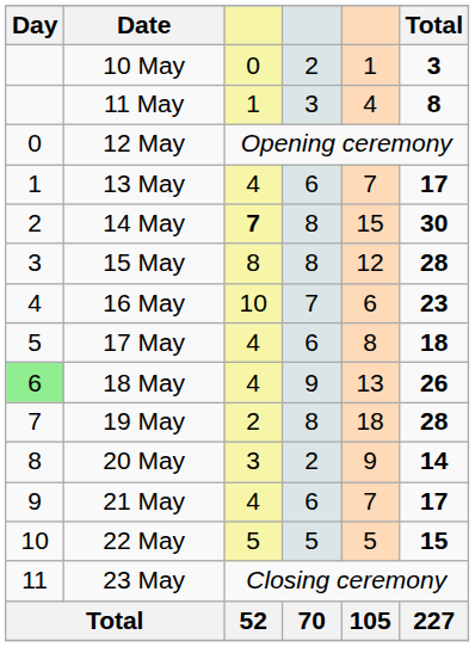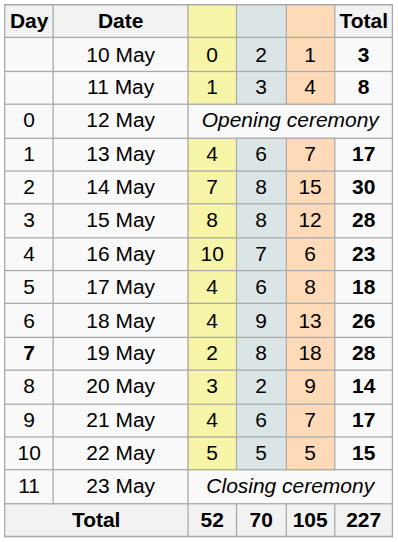 <table class="wikitable" style="font-size:100%; text-align:center">
 <tr style="background:#efefef;">
 </tr>
 <tr>
 <th width=30><strong>Day</strong></th>
 <th width=95><strong>Date</strong></th>
 <th width=30 style="background:#F7F6A8;"></th>
 <th width=30 style="background:#DCE5E5;"></th>
 <th width=30 style="background:#FFDAB9;"></th>
 <th width=30><strong>Total</strong></th>
 </tr>
 <tr>
 <td></td>
 <td>10 May</td>
 <td style="background:#F7F6A8;">0</td>
 <td style="background:#DCE5E5;">2</td>
 <td style="background:#FFDAB9;">1</td>
 <td><strong>3</strong></td>
 </tr>
 <tr>
 <td></td>
 <td>11 May</td>
 <td style="background:#F7F6A8;">1</td>
 <td style="background:#DCE5E5;">3</td>
 <td style="background:#FFDAB9;">4</td>
 <td><strong>8</strong></td>
 </tr>
 <tr>
 <td>0</td>
 <td>12 May</td>
 <td colspan="4" style="text-align:left center ;"> <em>Opening ceremony</em></td>
 </tr>
 <tr>
 <td>1</td>
 <td>13 May</td>
 <td style="background:#F7F6A8;">4</td>
 <td style="background:#DCE5E5;">6</td>
 <td style="background:#FFDAB9;">7</td>
 <td><strong>17</strong></td>
 </tr>
 <tr>
 <td>2</td>
 <td>14 May</td>
-<td style="background:#F7F6A8;"><strong>7</strong></td>
+<td style="background:#F7F6A8;">7</td>
 <td style="background:#DCE5E5;">8</td>
 <td style="background:#FFDAB9;">15</td>
 <td><strong>30</strong></td>
 </tr>
 <tr>
 <td>3</td>
 <td>15 May</td>
 <td style="background:#F7F6A8;">8</td>
 <td style="background:#DCE5E5;">8</td>
 <td style="background:#FFDAB9;">12</td>
 <td><strong>28</strong></td>
 </tr>
 <tr>
 <td>4</td>
 <td>16 May</td>
 <td style="background:#F7F6A8;">10</td>
 <td style="background:#DCE5E5;">7</td>
 <td style="background:#FFDAB9;">6</td>
 <td><strong>23</strong></td>
 </tr>
 <tr>
 <td>5</td>
 <td>17 May</td>
 <td style="background:#F7F6A8;">4</td>
 <td style="background:#DCE5E5;">6</td>
 <td style="background:#FFDAB9;">8</td>
 <td><strong>18</strong></td>
 </tr>
 <tr>
-<td style="background: lightgreen;">6</td>
+<td>6</td>
 <td>18 May</td>
 <td style="background:#F7F6A8;">4</td>
 <td style="background:#DCE5E5;">9</td>
 <td style="background:#FFDAB9;">13</td>
 <td><strong>26</strong></td>
 </tr>
 <tr>
-<td>7</td>
+<td><strong>7</strong></td>
 <td>19 May</td>
 <td style="background:#F7F6A8;">2</td>
 <td style="background:#DCE5E5;">8</td>
 <td style="background:#FFDAB9;">18</td>
 <td><strong>28</strong></td>
 </tr>
 <tr>
 <td>8</td>
 <td>20 May</td>
 <td style="background:#F7F6A8;">3</td>
 <td style="background:#DCE5E5;">2</td>
 <td style="background:#FFDAB9;">9</td>
 <td><strong>14</strong></td>
 </tr>
 <tr>
 <td>9</td>
 <td>21 May</td>
 <td style="background:#F7F6A8;">4</td>
 <td style="background:#DCE5E5;">6</td>
 <td style="background:#FFDAB9;">7</td>
 <td><strong>17</strong></td>
 </tr>
 <tr>
 <td>10</td>
 <td>22 May</td>
 <td style="background:#F7F6A8;">5</td>
 <td style="background:#DCE5E5;">5</td>
 <td style="background:#FFDAB9;">5</td>
 <td><strong>15</strong></td>
 </tr>
 <tr>
 <td>11</td>
 <td>23 May</td>
 <td colspan="4" style="text-align:left center ;"> <em>Closing ceremony</em></td>
 </tr>
 <tr>
 <th colspan="2">Total</th>
 <th>52</th>
 <th>70</th>
 <th>105</th>
 <th>227</th>
 </tr>
 <tr>
 </tr>
 </table>
